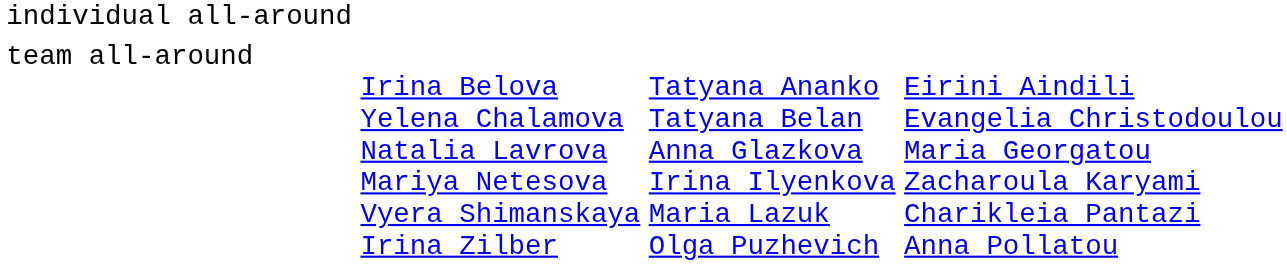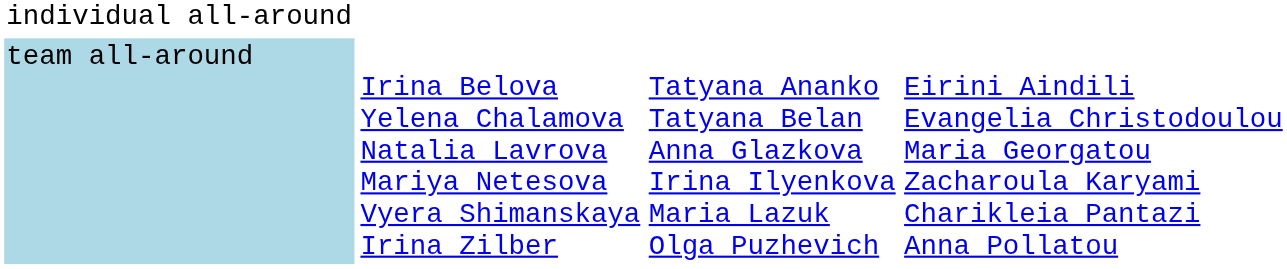 <table>
 <tr valign="top">
 <td>individual all-around<br></td>
 <td></td>
 <td></td>
 <td></td>
 </tr>
 <tr valign="top">
-<td>team all-around<br></td>
+<td style="background: lightblue;">team all-around<br></td>
 <td><br><a href='#'>Irina Belova</a><br><a href='#'>Yelena Chalamova</a><br><a href='#'>Natalia Lavrova</a><br><a href='#'>Mariya Netesova</a><br><a href='#'>Vyera Shimanskaya</a><br><a href='#'>Irina Zilber</a></td>
 <td><br><a href='#'>Tatyana Ananko</a><br><a href='#'>Tatyana Belan</a><br> <a href='#'>Anna Glazkova</a><br> <a href='#'>Irina Ilyenkova</a><br><a href='#'>Maria Lazuk</a><br><a href='#'>Olga Puzhevich</a></td>
 <td><br><a href='#'>Eirini Aindili</a><br><a href='#'>Evangelia Christodoulou</a><br> <a href='#'>Maria Georgatou</a><br> <a href='#'>Zacharoula Karyami</a><br><a href='#'>Charikleia Pantazi</a><br><a href='#'>Anna Pollatou</a></td>
 </tr>
 </table>
